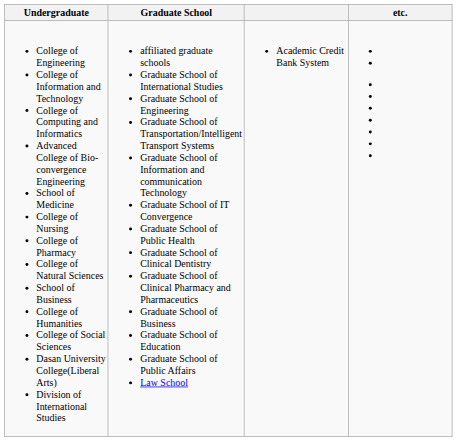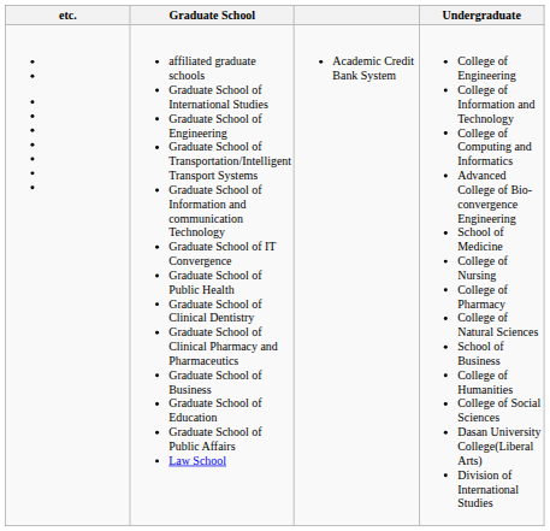 <table class="wikitable" style="font-size:84%">
 <tr>
-<th>Undergraduate</th>
+<th>etc.</th>
 <th>Graduate School</th>
 <th><strong></strong></th>
-<th>etc.</th>
+<th>Undergraduate</th>
 </tr>
 <tr>
-<td width="134" valign="top"><br><ul><li>College of Engineering</li><li>College of Information and Technology</li><li>College of Computing and Informatics</li><li>Advanced College of Bio-convergence Engineering</li><li>School of Medicine</li><li>College of Nursing</li><li>College of Pharmacy</li><li>College of Natural Sciences</li><li>School of Business</li><li>College of Humanities</li><li>College of Social Sciences</li><li>Dasan University College(Liberal Arts)</li><li>Division of International Studies</li></ul></td>
+<td width="134" valign="top"><br><ul><li></li><li></li></ul><ul><li></li><li></li><li></li><li></li><li></li><li></li><li></li></ul></td>
 <td width="134" valign="top"><br><ul><li>affiliated graduate schools</li><li>Graduate School of International Studies</li><li>Graduate School of Engineering</li><li>Graduate School of Transportation/Intelligent Transport Systems</li><li>Graduate School of Information and communication Technology</li><li>Graduate School of IT Convergence</li><li>Graduate School of Public Health</li><li>Graduate School of Clinical Dentistry</li><li>Graduate School of Clinical Pharmacy and Pharmaceutics</li><li>Graduate School of Business</li><li>Graduate School of Education</li><li>Graduate School of Public Affairs</li><li><a href='#'>Law School</a></li></ul></td>
 <td width="134" valign="top"><br><ul><li>Academic Credit Bank System</li></ul></td>
-<td width="134" valign="top"><br><ul><li></li><li></li></ul><ul><li></li><li></li><li></li><li></li><li></li><li></li><li></li></ul></td>
+<td width="134" valign="top"><br><ul><li>College of Engineering</li><li>College of Information and Technology</li><li>College of Computing and Informatics</li><li>Advanced College of Bio-convergence Engineering</li><li>School of Medicine</li><li>College of Nursing</li><li>College of Pharmacy</li><li>College of Natural Sciences</li><li>School of Business</li><li>College of Humanities</li><li>College of Social Sciences</li><li>Dasan University College(Liberal Arts)</li><li>Division of International Studies</li></ul></td>
 </tr>
 </table>
